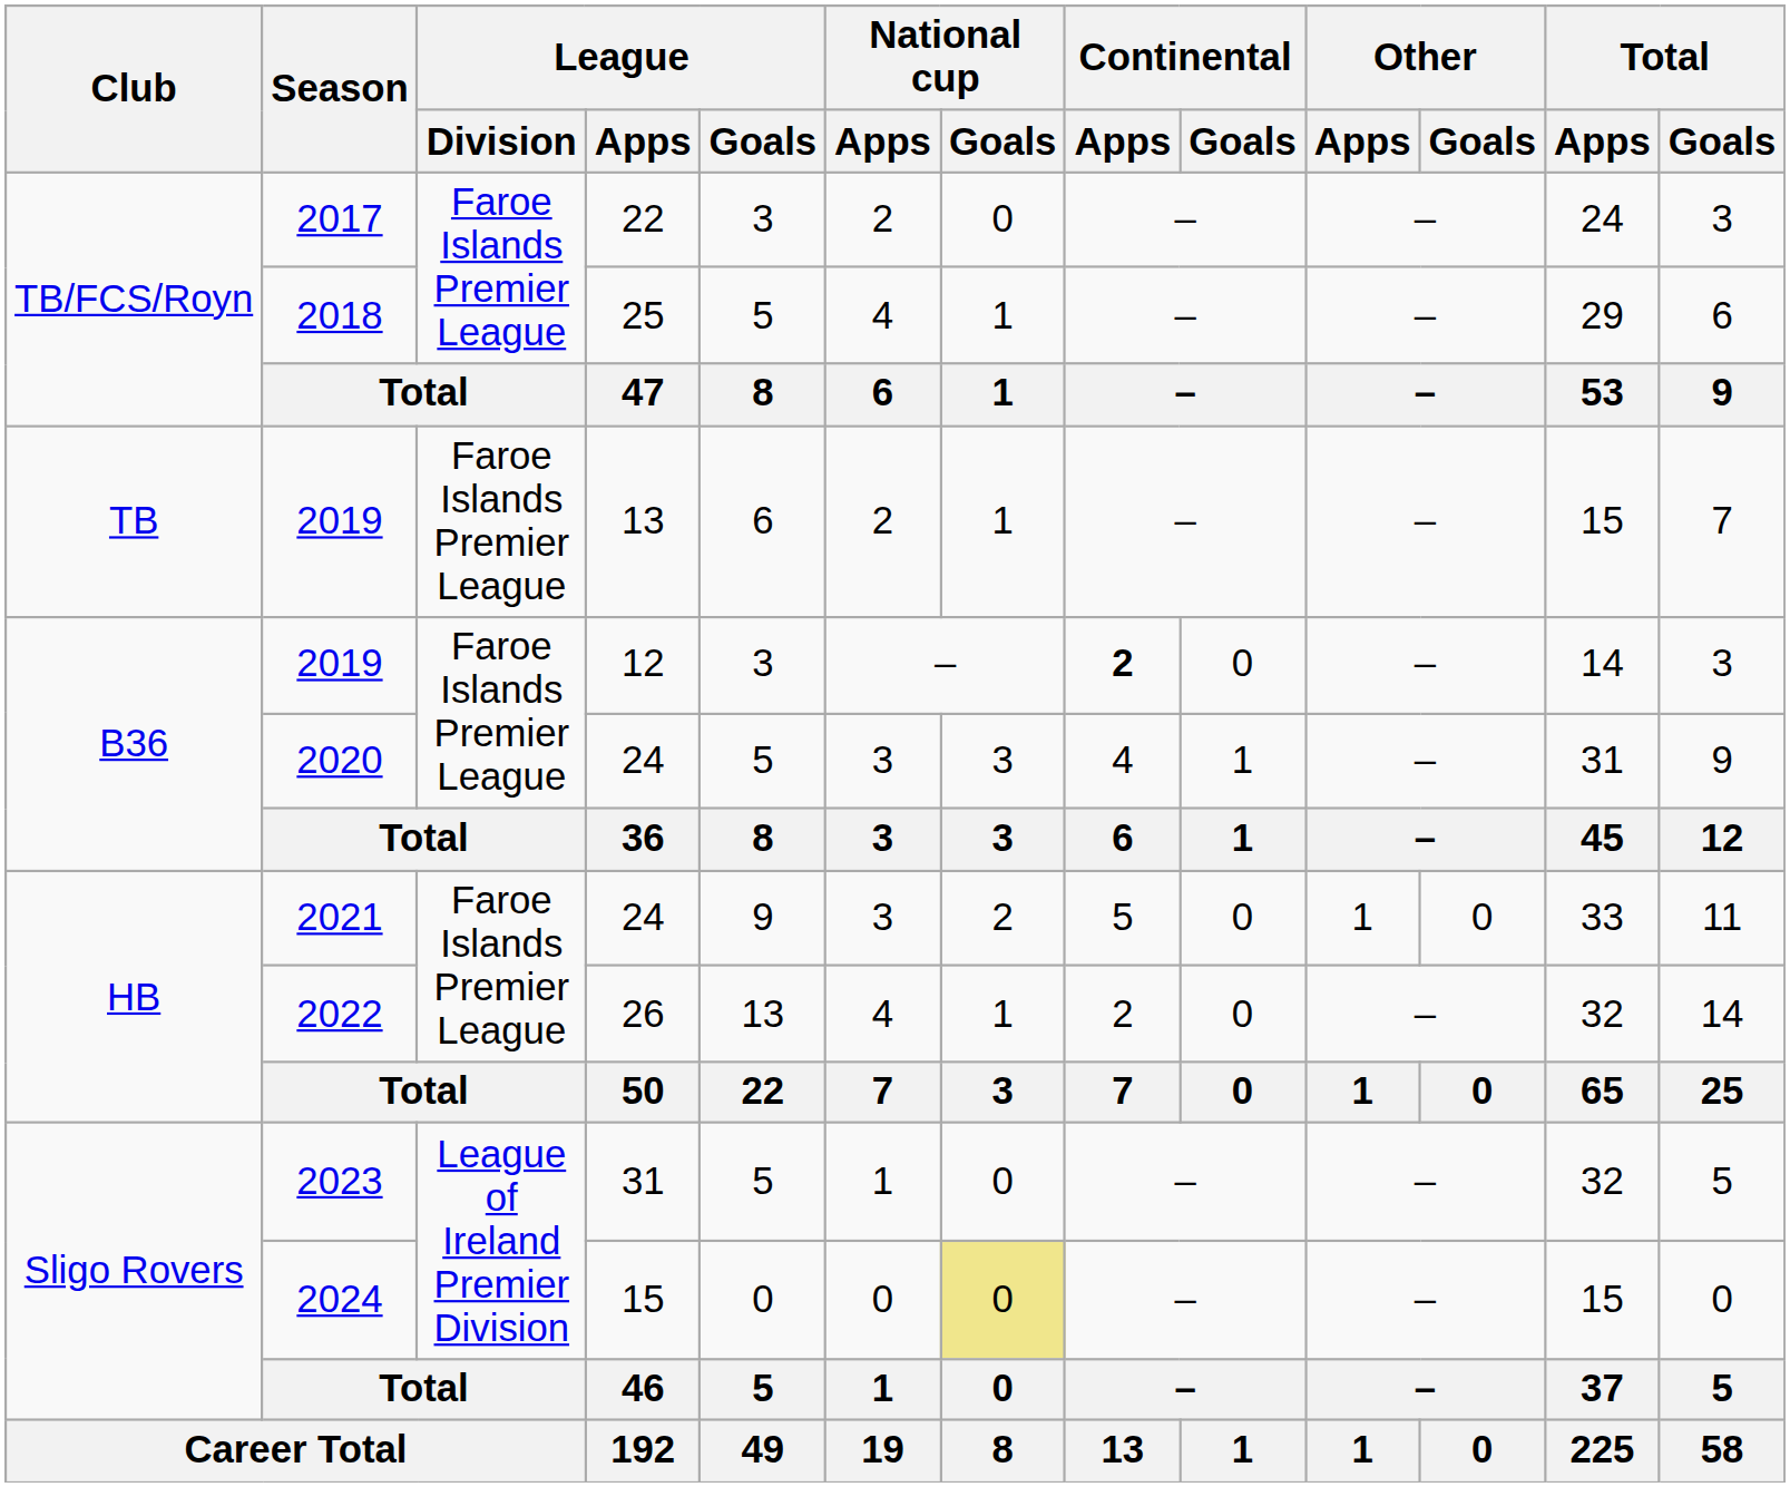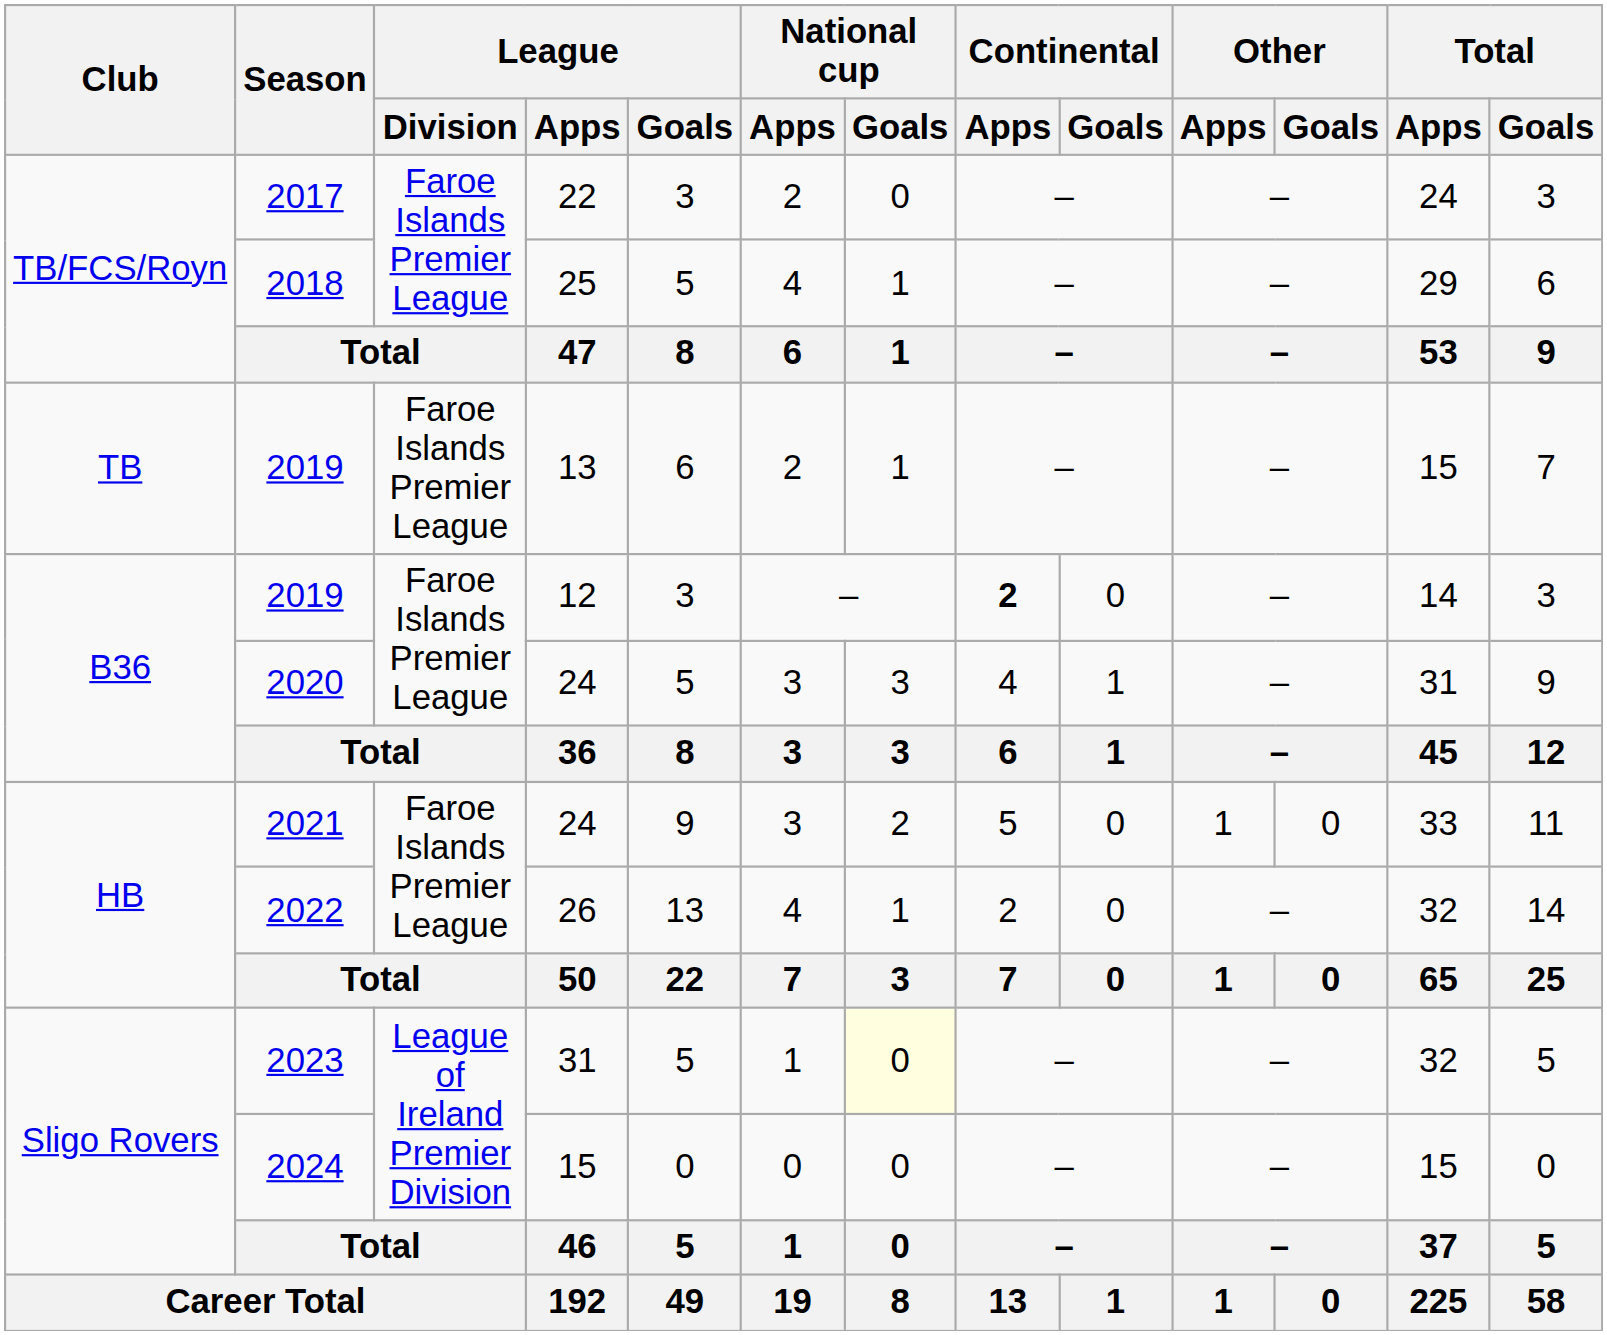 <table class="wikitable" style="text-align:center">
 <tr>
 <th rowspan=2>Club</th>
 <th rowspan=2>Season</th>
 <th colspan=3>League</th>
 <th colspan=2>National cup</th>
 <th colspan=2>Continental</th>
 <th colspan=2>Other</th>
 <th colspan=2>Total</th>
 </tr>
 <tr>
 <th>Division</th>
 <th>Apps</th>
 <th>Goals</th>
 <th>Apps</th>
 <th>Goals</th>
 <th>Apps</th>
 <th>Goals</th>
 <th>Apps</th>
 <th>Goals</th>
 <th>Apps</th>
 <th>Goals</th>
 </tr>
 <tr>
 <td rowspan="3"><a href='#'>TB/FCS/Royn</a></td>
 <td><a href='#'>2017</a></td>
 <td rowspan="2"><a href='#'>Faroe Islands Premier League</a></td>
 <td>22</td>
 <td>3</td>
 <td>2</td>
 <td>0</td>
 <td colspan="2">–</td>
 <td colspan="2">–</td>
 <td>24</td>
 <td>3</td>
 </tr>
 <tr>
 <td><a href='#'>2018</a></td>
 <td>25</td>
 <td>5</td>
 <td>4</td>
 <td>1</td>
 <td colspan="2">–</td>
 <td colspan="2">–</td>
 <td>29</td>
 <td>6</td>
 </tr>
 <tr>
 <th colspan="2">Total</th>
 <th>47</th>
 <th>8</th>
 <th>6</th>
 <th>1</th>
 <th colspan="2">–</th>
 <th colspan="2">–</th>
 <th>53</th>
 <th>9</th>
 </tr>
 <tr>
 <td><a href='#'>TB</a></td>
 <td><a href='#'>2019</a></td>
 <td>Faroe Islands Premier League</td>
 <td>13</td>
 <td>6</td>
 <td>2</td>
 <td>1</td>
 <td colspan="2">–</td>
 <td colspan="2">–</td>
 <td>15</td>
 <td>7</td>
 </tr>
 <tr>
 <td rowspan="3"><a href='#'>B36</a></td>
 <td><a href='#'>2019</a></td>
 <td rowspan="2">Faroe Islands Premier League</td>
 <td>12</td>
 <td>3</td>
 <td colspan="2">–</td>
 <td><strong>2</strong></td>
 <td>0</td>
 <td colspan="2">–</td>
 <td>14</td>
 <td>3</td>
 </tr>
 <tr>
 <td><a href='#'>2020</a></td>
 <td>24</td>
 <td>5</td>
 <td>3</td>
 <td>3</td>
 <td>4</td>
 <td>1</td>
 <td colspan="2">–</td>
 <td>31</td>
 <td>9</td>
 </tr>
 <tr>
 <th colspan="2">Total</th>
 <th>36</th>
 <th>8</th>
 <th>3</th>
 <th>3</th>
 <th>6</th>
 <th>1</th>
 <th colspan="2">–</th>
 <th>45</th>
 <th>12</th>
 </tr>
 <tr>
 <td rowspan="3"><a href='#'>HB</a></td>
 <td><a href='#'>2021</a></td>
 <td rowspan="2">Faroe Islands Premier League</td>
 <td>24</td>
 <td>9</td>
 <td>3</td>
 <td>2</td>
 <td>5</td>
 <td>0</td>
 <td>1</td>
 <td>0</td>
 <td>33</td>
 <td>11</td>
 </tr>
 <tr>
 <td><a href='#'>2022</a></td>
 <td>26</td>
 <td>13</td>
 <td>4</td>
 <td>1</td>
 <td>2</td>
 <td>0</td>
 <td colspan="2">–</td>
 <td>32</td>
 <td>14</td>
 </tr>
 <tr>
 <th colspan="2">Total</th>
 <th>50</th>
 <th>22</th>
 <th>7</th>
 <th>3</th>
 <th>7</th>
 <th>0</th>
 <th>1</th>
 <th>0</th>
 <th>65</th>
 <th>25</th>
 </tr>
 <tr>
 <td rowspan="3"><a href='#'>Sligo Rovers</a></td>
 <td><a href='#'>2023</a></td>
 <td rowspan="2"><a href='#'>League of Ireland Premier Division</a></td>
 <td>31</td>
 <td>5</td>
 <td>1</td>
-<td>0</td>
+<td style="background: lightyellow;">0</td>
 <td colspan="2">–</td>
 <td colspan="2">–</td>
 <td>32</td>
 <td>5</td>
 </tr>
 <tr>
 <td><a href='#'>2024</a></td>
 <td>15</td>
 <td>0</td>
 <td>0</td>
-<td style="background: khaki;">0</td>
+<td>0</td>
 <td colspan="2">–</td>
 <td colspan="2">–</td>
 <td>15</td>
 <td>0</td>
 </tr>
 <tr>
 <th colspan="2">Total</th>
 <th>46</th>
 <th>5</th>
 <th>1</th>
 <th>0</th>
 <th colspan="2">–</th>
 <th colspan="2">–</th>
 <th>37</th>
 <th>5</th>
 </tr>
 <tr>
 <th colspan="3">Career Total</th>
 <th>192</th>
 <th>49</th>
 <th>19</th>
 <th>8</th>
 <th>13</th>
 <th>1</th>
 <th>1</th>
 <th>0</th>
 <th>225</th>
 <th>58</th>
 </tr>
 </table>
